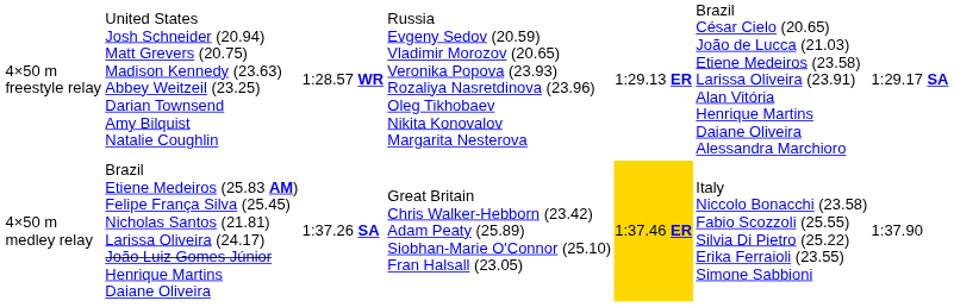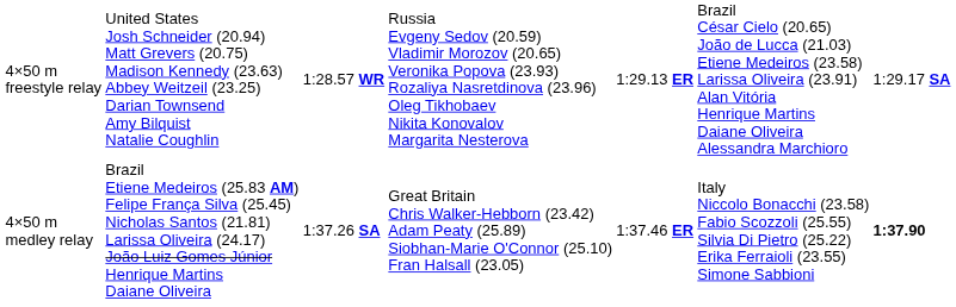 <table>
 <tr>
 <td>4×50 m<br>freestyle relay<br> </td>
 <td> United States<br><a href='#'>Josh Schneider</a> (20.94)<br><a href='#'>Matt Grevers</a> (20.75)<br><a href='#'>Madison Kennedy</a> (23.63)<br><a href='#'>Abbey Weitzeil</a> (23.25)<br><a href='#'>Darian Townsend</a><br><a href='#'>Amy Bilquist</a><br><a href='#'>Natalie Coughlin</a></td>
 <td>1:28.57 <strong><a href='#'>WR</a></strong></td>
 <td> Russia<br><a href='#'>Evgeny Sedov</a> (20.59)<br><a href='#'>Vladimir Morozov</a> (20.65)<br><a href='#'>Veronika Popova</a> (23.93)<br><a href='#'>Rozaliya Nasretdinova</a> (23.96)<br><a href='#'>Oleg Tikhobaev</a><br><a href='#'>Nikita Konovalov</a><br><a href='#'>Margarita Nesterova</a></td>
 <td>1:29.13 <strong><a href='#'>ER</a></strong></td>
 <td> Brazil<br><a href='#'>César Cielo</a> (20.65)<br><a href='#'>João de Lucca</a> (21.03)<br><a href='#'>Etiene Medeiros</a> (23.58)<br><a href='#'>Larissa Oliveira</a> (23.91)<br><a href='#'>Alan Vitória</a><br><a href='#'>Henrique Martins</a><br><a href='#'>Daiane Oliveira</a><br><a href='#'>Alessandra Marchioro</a></td>
 <td>1:29.17 <strong><a href='#'>SA</a></strong></td>
 </tr>
 <tr>
 <td>4×50 m<br>medley relay<br> </td>
 <td> Brazil<br><a href='#'>Etiene Medeiros</a> (25.83 <strong><a href='#'>AM</a></strong>)<br><a href='#'>Felipe França Silva</a> (25.45)<br><a href='#'>Nicholas Santos</a> (21.81)<br><a href='#'>Larissa Oliveira</a> (24.17)<br><del><a href='#'>João Luiz Gomes Júnior</a></del><br><a href='#'>Henrique Martins</a><br><a href='#'>Daiane Oliveira</a></td>
 <td>1:37.26 <strong><a href='#'>SA</a></strong></td>
 <td> Great Britain<br><a href='#'>Chris Walker-Hebborn</a> (23.42)<br><a href='#'>Adam Peaty</a> (25.89)<br><a href='#'>Siobhan-Marie O'Connor</a> (25.10)<br><a href='#'>Fran Halsall</a> (23.05)</td>
-<td style="background: gold;">1:37.46 <strong><a href='#'>ER</a></strong></td>
+<td>1:37.46 <strong><a href='#'>ER</a></strong></td>
 <td> Italy<br><a href='#'>Niccolo Bonacchi</a> (23.58)<br><a href='#'>Fabio Scozzoli</a> (25.55)<br><a href='#'>Silvia Di Pietro</a> (25.22)<br><a href='#'>Erika Ferraioli</a> (23.55)<br><a href='#'>Simone Sabbioni</a></td>
-<td>1:37.90</td>
+<td><strong>1:37.90</strong></td>
 </tr>
 </table>
